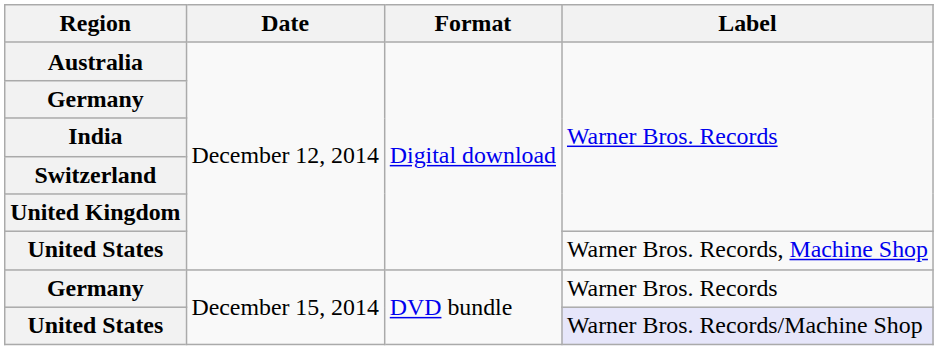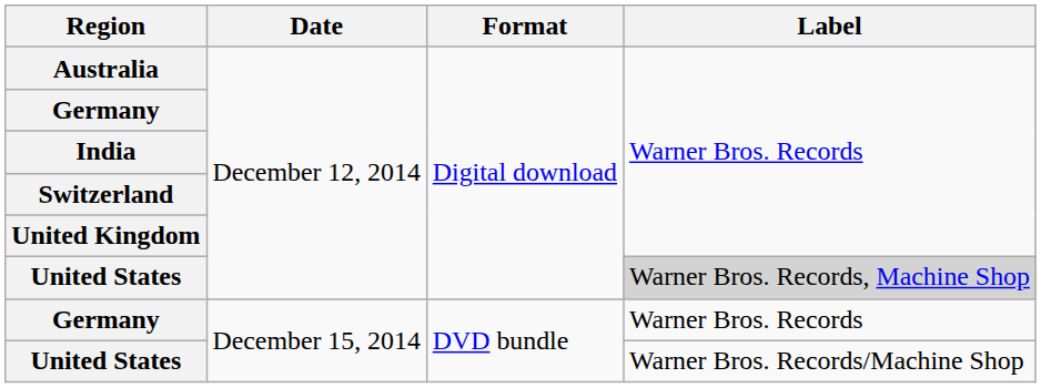 <table class="wikitable plainrowheaders">
 <tr>
 <th scope="col">Region</th>
 <th scope="col">Date</th>
 <th scope="col">Format</th>
 <th scope="col">Label</th>
 </tr>
 <tr>
 <th scope="row">Australia</th>
 <td rowspan="6">December 12, 2014</td>
 <td rowspan="6"><a href='#'>Digital download</a></td>
 <td rowspan="5"><a href='#'>Warner Bros. Records</a></td>
 </tr>
 <tr>
 <th scope="row">Germany</th>
 </tr>
 <tr>
 <th scope="row">India</th>
 </tr>
 <tr>
 <th scope="row">Switzerland</th>
 </tr>
 <tr>
 <th scope="row">United Kingdom</th>
 </tr>
 <tr>
 <th scope="row">United States</th>
-<td>Warner Bros. Records, <a href='#'>Machine Shop</a></td>
+<td style="background: lightgrey;">Warner Bros. Records, <a href='#'>Machine Shop</a></td>
 </tr>
 <tr>
 <th scope="row">Germany</th>
 <td rowspan="2">December 15, 2014</td>
 <td rowspan="2"><a href='#'>DVD</a> bundle</td>
 <td>Warner Bros. Records</td>
 </tr>
 <tr>
 <th scope="row">United States</th>
-<td style="background: lavender;">Warner Bros. Records/Machine Shop</td>
+<td>Warner Bros. Records/Machine Shop</td>
 </tr>
 </table>
